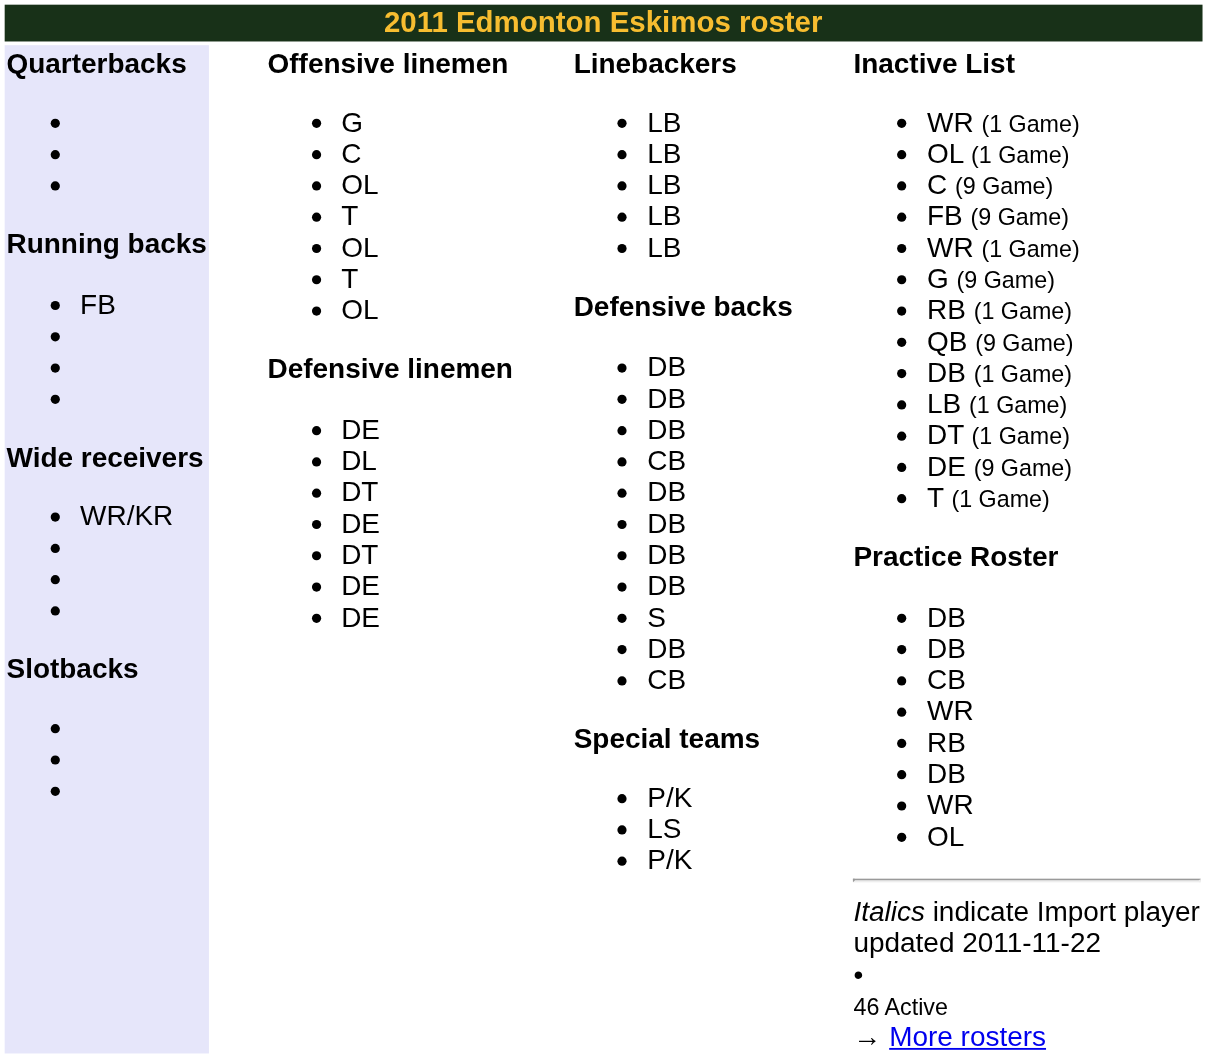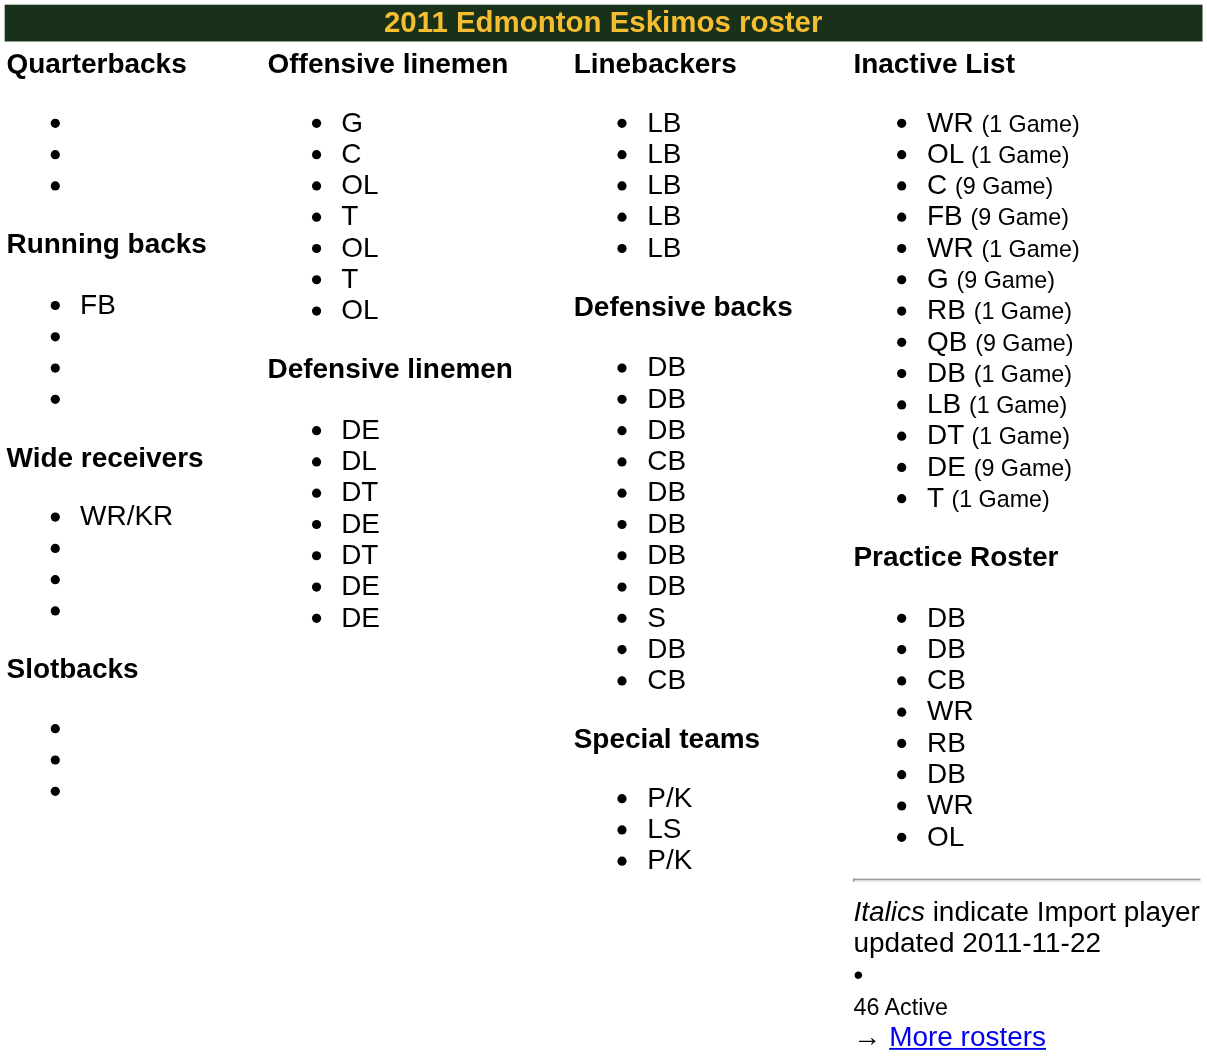 <table class="toccolours" style="text-align: left;">
 <tr>
 <th colspan="7" style="text-align:center; background-color: #183118; color:#f7bd30;">2011 Edmonton Eskimos roster</th>
 </tr>
 <tr>
-<td style="background: lavender; font-size: 95%;" valign="top"><strong>Quarterbacks</strong><br><ul><li></li><li></li><li></li></ul><strong>Running backs</strong><ul><li> FB</li><li></li><li></li><li></li></ul><strong>Wide receivers</strong><ul><li> WR/KR</li><li></li><li></li><li></li></ul><strong>Slotbacks</strong><ul><li></li><li></li><li></li></ul></td>
+<td style="font-size: 95%;" valign="top"><strong>Quarterbacks</strong><br><ul><li></li><li></li><li></li></ul><strong>Running backs</strong><ul><li> FB</li><li></li><li></li><li></li></ul><strong>Wide receivers</strong><ul><li> WR/KR</li><li></li><li></li><li></li></ul><strong>Slotbacks</strong><ul><li></li><li></li><li></li></ul></td>
 <td style="width: 25px;"></td>
 <td style="font-size: 95%;" valign="top"><strong>Offensive linemen</strong><br><ul><li> G</li><li> C</li><li> OL</li><li> T</li><li> OL</li><li> T</li><li> OL</li></ul><strong>Defensive linemen</strong><ul><li> DE</li><li> DL</li><li> DT</li><li> DE</li><li> DT</li><li> DE</li><li> DE</li></ul></td>
 <td style="width: 25px;"></td>
 <td style="font-size: 95%;" valign="top"><strong>Linebackers</strong><br><ul><li> LB</li><li> LB</li><li> LB</li><li> LB</li><li> LB</li></ul><strong>Defensive backs</strong><ul><li> DB</li><li> DB</li><li> DB</li><li> CB</li><li> DB</li><li> DB</li><li> DB</li><li> DB</li><li> S</li><li> DB</li><li> CB</li></ul><strong>Special teams</strong><ul><li> P/K</li><li> LS</li><li> P/K</li></ul></td>
 <td style="width: 25px;"></td>
 <td style="font-size: 95%;" valign="top"><strong>Inactive List</strong><br><ul><li> WR  <small>(1 Game)</small></li><li> OL  <small>(1 Game)</small></li><li> C  <small>(9 Game)</small></li><li> FB  <small>(9 Game)</small></li><li> WR  <small>(1 Game)</small></li><li> G  <small>(9 Game)</small></li><li> RB  <small>(1 Game)</small></li><li> QB  <small>(9 Game)</small></li><li> DB  <small>(1 Game)</small></li><li> LB  <small>(1 Game)</small></li><li> DT  <small>(1 Game)</small></li><li> DE  <small>(9 Game)</small></li><li> T  <small>(1 Game)</small></li></ul><strong>Practice Roster</strong><ul><li> DB</li><li> DB</li><li> CB</li><li> WR</li><li> RB</li><li> DB</li><li> WR</li><li> OL</li></ul><hr> <em>Italics</em> indicate Import player<br> <span></span> updated 2011-11-22<br> <span></span> • <span></span><br> <small>46 Active</small><br>→ <a href='#'>More rosters</a></td>
 </tr>
 <tr>
 </tr>
 </table>
